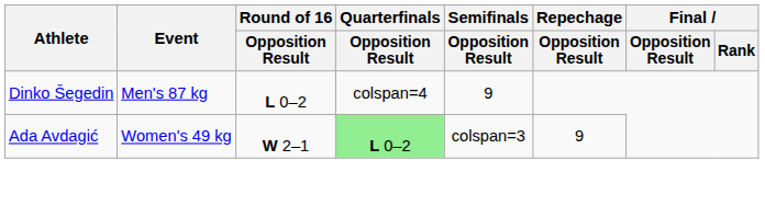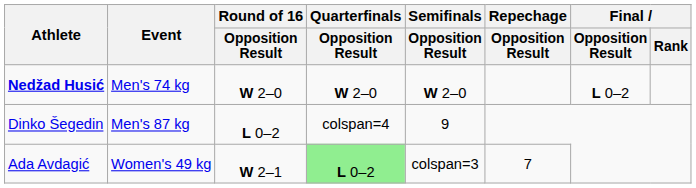 <table class="wikitable" style="font-size:90%">
 <tr>
 <th rowspan="2">Athlete</th>
 <th rowspan="2">Event</th>
 <th>Round of 16</th>
 <th>Quarterfinals</th>
 <th>Semifinals</th>
 <th>Repechage</th>
 <th colspan=2>Final / </th>
 </tr>
 <tr style="font-size:95%">
 <th>Opposition<br>Result</th>
 <th>Opposition<br>Result</th>
 <th>Opposition<br>Result</th>
 <th>Opposition<br>Result</th>
 <th>Opposition<br>Result</th>
 <th>Rank</th>
 </tr>
 <tr align=center>
+<td align=left><strong><a href='#'>Nedžad Husić</a></strong></td>
+<td align=left><a href='#'>Men's 74 kg</a></td>
+<td> <br><strong>W</strong> 2–0</td>
+<td> <br><strong>W</strong> 2–0</td>
+<td> <br><strong>W</strong> 2–0</td>
+<td></td>
+<td> <br><strong>L</strong> 0–2</td>
+<td><strong></strong></td>
+</tr>
+<tr align=center>
 <td align=left><a href='#'>Dinko Šegedin</a></td>
 <td align=left><a href='#'>Men's 87 kg</a></td>
 <td> <br><strong>L</strong> 0–2</td>
 <td>colspan=4 </td>
 <td>9</td>
 </tr>
 <tr align=center>
 <td align=left><a href='#'>Ada Avdagić</a></td>
 <td align=left><a href='#'>Women's 49 kg</a></td>
 <td> <br><strong>W</strong> 2–1</td>
 <td style="background: lightgreen;"> <br><strong>L</strong> 0–2</td>
 <td>colspan=3 </td>
-<td>9</td>
+<td>7</td>
 </tr>
 </table>
